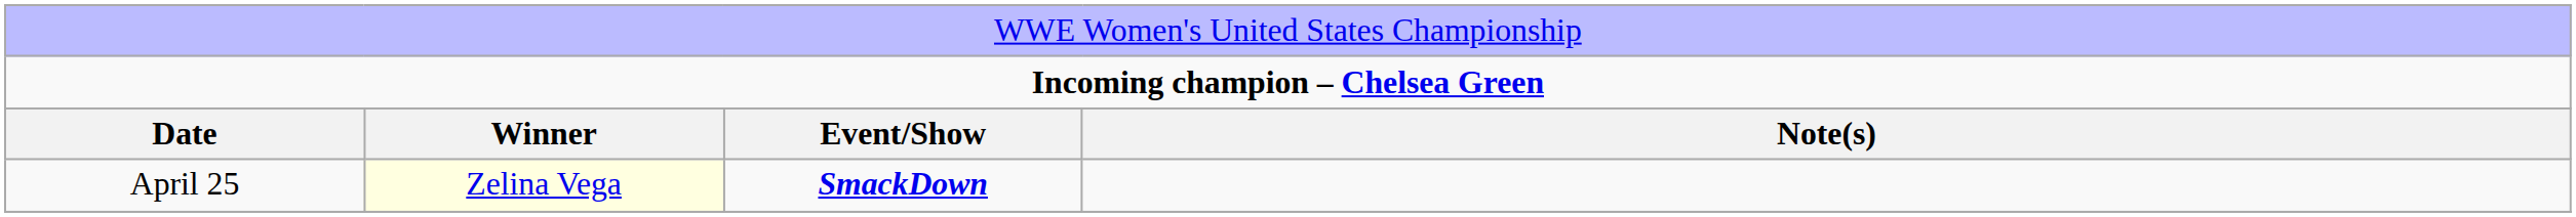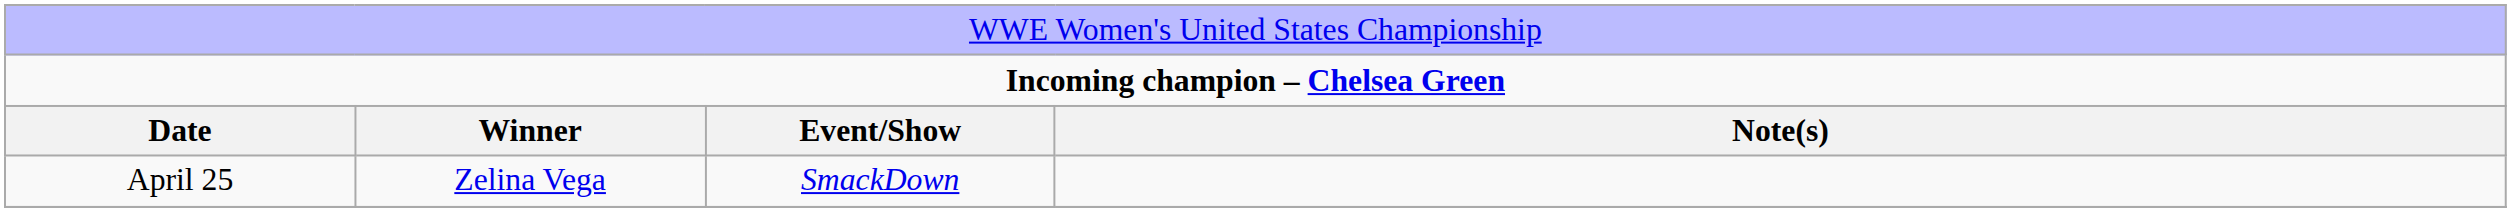 <table class="wikitable" style="text-align:center; width:100%;">
 <tr style="background:#BBF;">
 <td colspan="4" style="text-align: center;"><a href='#'>WWE Women's United States Championship</a></td>
 </tr>
 <tr>
 <td colspan="4" style="text-align: center;"><strong>Incoming champion – <a href='#'>Chelsea Green</a></strong></td>
 </tr>
 <tr>
 <th width="14%">Date</th>
 <th width="14%">Winner</th>
 <th width="14%">Event/Show</th>
 <th width="58%">Note(s)</th>
 </tr>
 <tr>
 <td>April 25</td>
-<td style="background: lightyellow;"><a href='#'>Zelina Vega</a></td>
-<td><strong><em><a href='#'>SmackDown</a></em></strong></td>
+<td><a href='#'>Zelina Vega</a></td>
+<td><em><a href='#'>SmackDown</a></em></td>
 <td></td>
 </tr>
 <tr>
 </tr>
 </table>
